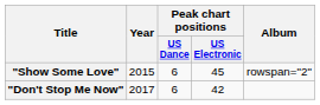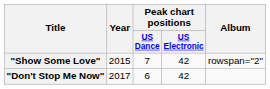 <table class="wikitable plainrowheaders" style="text-align: center;" border="1">
 <tr>
 <th rowspan="2">Title</th>
 <th rowspan="2">Year</th>
 <th colspan="2">Peak chart positions</th>
 <th rowspan="2">Album</th>
 </tr>
 <tr>
 <th scope="col" style="width:2.75em;font-size:85%;"><a href='#'>US<br>Dance</a><br></th>
 <th scope="col" style="width:2.75em;font-size:85%;"><a href='#'>US<br>Electronic</a><br></th>
 </tr>
 <tr>
 <th scope="row">"Show Some Love"</th>
 <td>2015</td>
-<td>6</td>
-<td>45</td>
+<td>7</td>
+<td>42</td>
 <td>rowspan="2" </td>
 </tr>
 <tr>
 <th scope="row">"Don't Stop Me Now"</th>
 <td>2017</td>
 <td>6</td>
 <td>42</td>
 </tr>
 </table>
